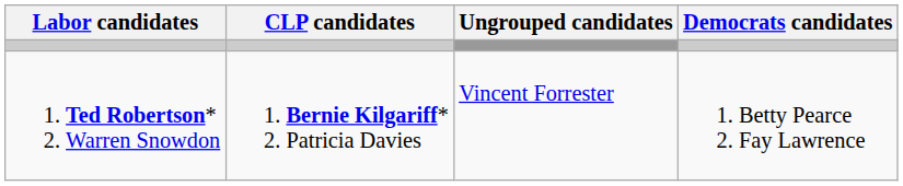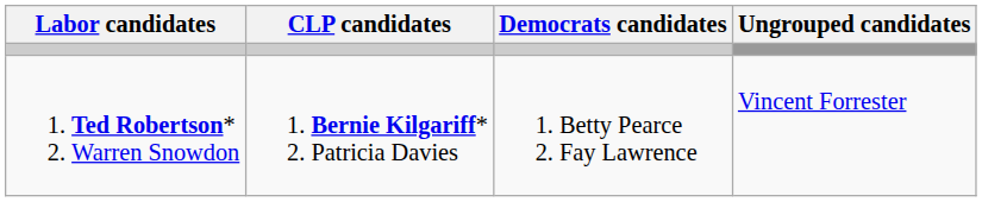 <table class="wikitable">
 <tr>
 <th><a href='#'>Labor</a> candidates</th>
 <th><a href='#'>CLP</a> candidates</th>
+<th><a href='#'>Democrats</a> candidates</th>
 <th>Ungrouped candidates</th>
-<th><a href='#'>Democrats</a> candidates</th>
 </tr>
 <tr bgcolor="#cccccc">
 <td></td>
 <td></td>
+<td></td>
 <td bgcolor="#999999"></td>
-<td></td>
 </tr>
 <tr>
 <td><br><ol><li><strong><a href='#'>Ted Robertson</a></strong>*</li><li><a href='#'>Warren Snowdon</a></li></ol></td>
 <td><br><ol><li><strong><a href='#'>Bernie Kilgariff</a></strong>*</li><li>Patricia Davies</li></ol></td>
+<td valign=top><br><ol><li>Betty Pearce</li><li>Fay Lawrence</li></ol></td>
 <td valign=top><br><a href='#'>Vincent Forrester</a></td>
-<td valign=top><br><ol><li>Betty Pearce</li><li>Fay Lawrence</li></ol></td>
 </tr>
 </table>
